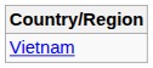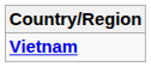 <table class="wikitable">
 <tr>
 <th>Country/Region</th>
 </tr>
 <tr>
-<td> <a href='#'>Vietnam</a></td>
+<td><strong> <a href='#'>Vietnam</a></strong></td>
 </tr>
 </table>
